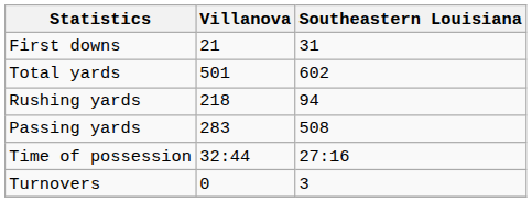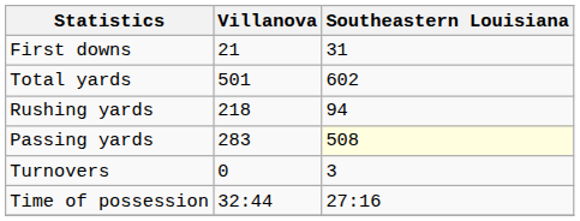 <table class="wikitable">
 <tr>
 <th>Statistics</th>
 <th>Villanova</th>
 <th>Southeastern Louisiana</th>
 </tr>
 <tr>
 <td>First downs</td>
 <td>21</td>
 <td>31</td>
 </tr>
 <tr>
 <td>Total yards</td>
 <td>501</td>
 <td>602</td>
 </tr>
 <tr>
 <td>Rushing yards</td>
 <td>218</td>
 <td>94</td>
 </tr>
 <tr>
 <td>Passing yards</td>
 <td>283</td>
-<td>508</td>
+<td style="background: lightyellow;">508</td>
+</tr>
+<tr>
+<td>Turnovers</td>
+<td>0</td>
+<td>3</td>
 </tr>
 <tr>
 <td>Time of possession</td>
 <td>32:44</td>
 <td>27:16</td>
 </tr>
 <tr>
-<td>Turnovers</td>
-<td>0</td>
-<td>3</td>
-</tr>
-<tr>
 </tr>
 </table>
